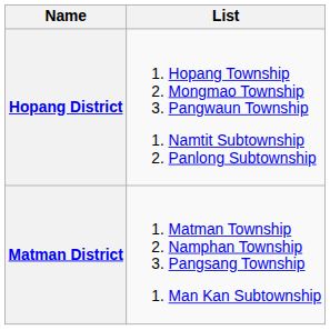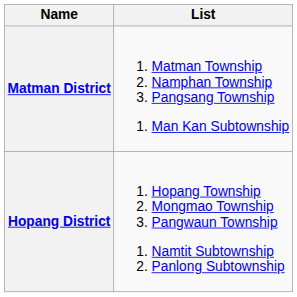 <table class=wikitable>
 <tr>
 <th>Name</th>
 <th>List</th>
 </tr>
 <tr>
+<th><a href='#'>Matman District</a></th>
+<td><br> <ol><li><a href='#'>Matman Township</a></li><li><a href='#'>Namphan Township</a></li><li><a href='#'>Pangsang Township</a></li></ol><ol><li><a href='#'>Man Kan Subtownship</a></li></ol></td>
+</tr>
+<tr>
 <th><a href='#'>Hopang District</a></th>
 <td><br> <ol><li><a href='#'>Hopang Township</a></li><li><a href='#'>Mongmao Township</a></li><li><a href='#'>Pangwaun Township</a></li></ol><ol><li><a href='#'>Namtit Subtownship</a></li><li><a href='#'>Panlong Subtownship</a></li></ol></td>
 </tr>
-<tr>
-<th><a href='#'>Matman District</a></th>
-<td><br> <ol><li><a href='#'>Matman Township</a></li><li><a href='#'>Namphan Township</a></li><li><a href='#'>Pangsang Township</a></li></ol><ol><li><a href='#'>Man Kan Subtownship</a></li></ol></td>
-</tr>
 </table>
